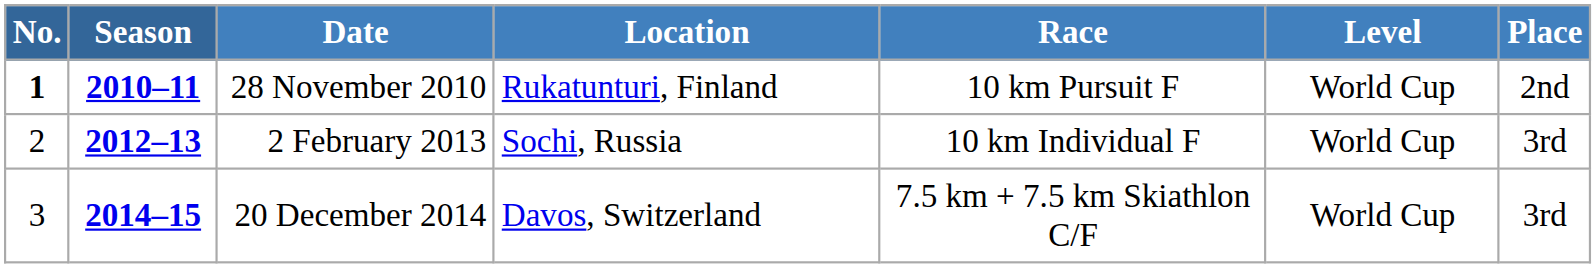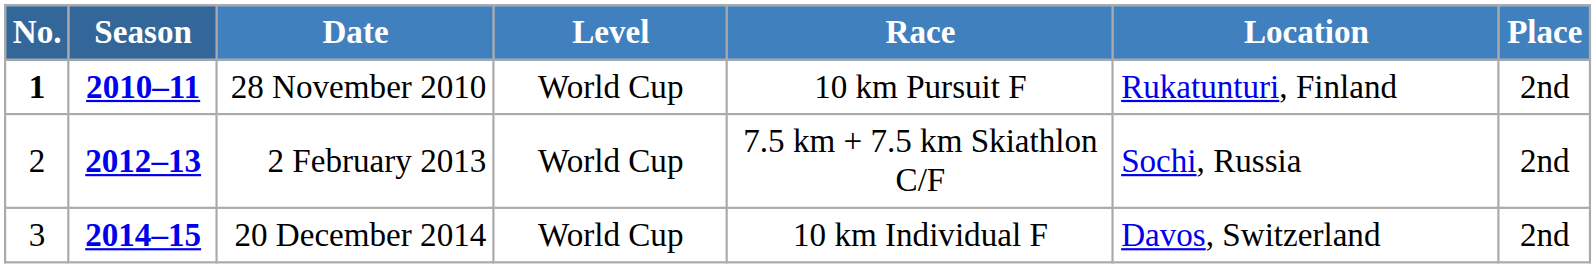 <table class="wikitable sortable" style="font-size:95%; text-align:center; border:grey solid 1px; border-collapse:collapse; background:#ffffff;">
 <tr style="background:#efefef;">
 <th style="background-color:#369; color:white;">No.</th>
 <th style="background-color:#369; color:white;">Season</th>
 <th style="background-color:#4180be; color:white; width:120px;">Date</th>
+<th style="background-color:#4180be; color:white; width:100px;">Level</th>
+<th style="background-color:#4180be; color:white; width:170px;">Race</th>
 <th style="background-color:#4180be; color:white; width:170px;">Location</th>
-<th style="background-color:#4180be; color:white; width:170px;">Race</th>
-<th style="background-color:#4180be; color:white; width:100px;">Level</th>
 <th style="background-color:#4180be; color:white;">Place</th>
 </tr>
 <tr>
 <td align=center><strong>1</strong></td>
 <td rowspan=1 align=center><strong> <a href='#'>2010–11</a> </strong></td>
 <td align=right>28 November 2010</td>
+<td>World Cup</td>
+<td>10 km Pursuit F</td>
 <td align=left> <a href='#'>Rukatunturi</a>, Finland</td>
-<td>10 km Pursuit F</td>
-<td>World Cup</td>
 <td>2nd</td>
 </tr>
 <tr>
 <td align=center>2</td>
 <td rowspan=1 align=center><strong> <a href='#'>2012–13</a> </strong></td>
 <td align=right>2 February 2013</td>
+<td>World Cup</td>
+<td>7.5 km + 7.5 km Skiathlon C/F</td>
 <td align=left> <a href='#'>Sochi</a>, Russia</td>
-<td>10 km Individual F</td>
-<td>World Cup</td>
-<td>3rd</td>
+<td>2nd</td>
 </tr>
 <tr>
 <td align=center>3</td>
 <td rowspan=1 align=center><strong> <a href='#'>2014–15</a> </strong></td>
 <td align=right>20 December 2014</td>
+<td>World Cup</td>
+<td>10 km Individual F</td>
 <td align=left> <a href='#'>Davos</a>, Switzerland</td>
-<td>7.5 km + 7.5 km Skiathlon C/F</td>
-<td>World Cup</td>
-<td>3rd</td>
+<td>2nd</td>
 </tr>
 </table>
